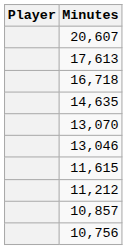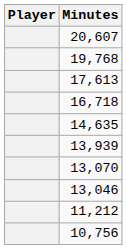 <table class="wikitable sortable">
 <tr>
 <th scope="col">Player</th>
 <th scope="col">Minutes</th>
 </tr>
 <tr>
 <th scope="row"></th>
 <td style="text-align:right">20,607</td>
+</tr>
+<tr>
+<th scope="row"></th>
+<td style="text-align:right">19,768</td>
 </tr>
 <tr>
 <th scope="row"></th>
 <td style="text-align:right">17,613</td>
 </tr>
 <tr>
 <th scope="row"></th>
 <td style="text-align:right">16,718</td>
 </tr>
 <tr>
 <th scope="row"></th>
 <td style="text-align:right">14,635</td>
 </tr>
 <tr>
+<th scope="row"></th>
+<td style="text-align:right">13,939</td>
+</tr>
+<tr>
 <th scope="row"><em></em></th>
 <td style="text-align:right">13,070</td>
 </tr>
 <tr>
 <th scope="row"></th>
 <td style="text-align:right">13,046</td>
 </tr>
 <tr>
 <th scope="row"></th>
-<td style="text-align:right">11,615</td>
-</tr>
-<tr>
-<th scope="row"></th>
 <td style="text-align:right">11,212</td>
-</tr>
-<tr>
-<th scope="row"></th>
-<td style="text-align:right">10,857</td>
 </tr>
 <tr>
 <th scope="row"></th>
 <td style="text-align:right">10,756</td>
 </tr>
 </table>
